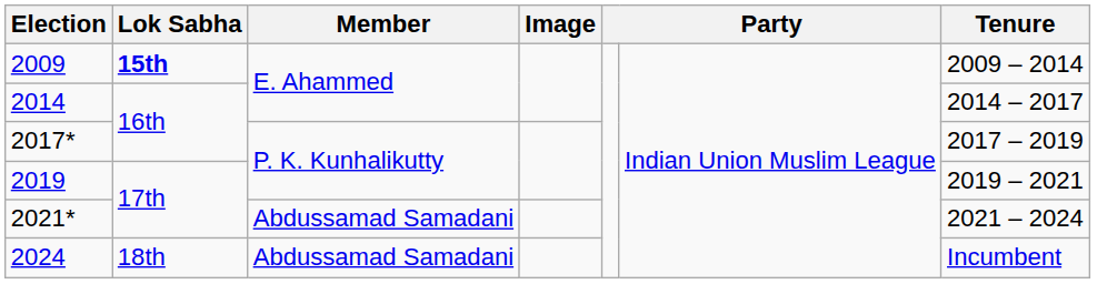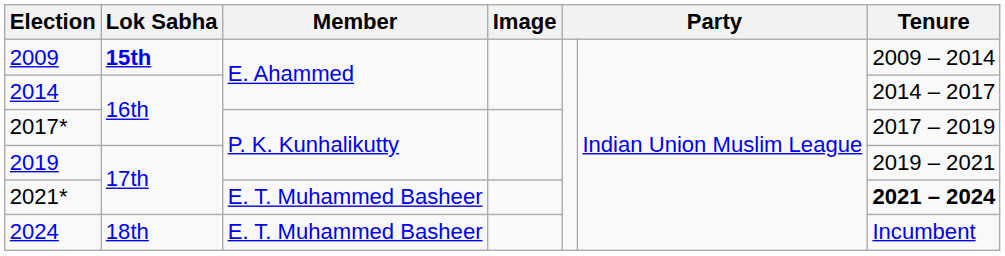 <table class="wikitable sortable">
 <tr>
 <th>Election</th>
 <th>Lok Sabha</th>
 <th>Member</th>
 <th>Image</th>
 <th colspan="2">Party</th>
 <th>Tenure</th>
 </tr>
 <tr>
 <td><a href='#'>2009</a></td>
 <td><strong><a href='#'>15th</a></strong></td>
 <td rowspan="2"><a href='#'>E. Ahammed</a></td>
 <td rowspan=2></td>
 <td rowspan="6" width="4px" style="background-color: "></td>
 <td rowspan="6"><a href='#'>Indian Union Muslim League</a></td>
 <td>2009 – 2014</td>
 </tr>
 <tr>
 <td><a href='#'>2014</a></td>
 <td rowspan="2"><a href='#'>16th</a></td>
 <td>2014 – 2017</td>
 </tr>
 <tr>
 <td>2017*</td>
 <td rowspan="2"><a href='#'>P. K. Kunhalikutty</a></td>
 <td rowspan=2></td>
 <td>2017 – 2019</td>
 </tr>
 <tr>
 <td><a href='#'>2019</a></td>
 <td rowspan="2"><a href='#'>17th</a></td>
 <td>2019 – 2021</td>
 </tr>
 <tr>
 <td>2021*</td>
-<td><a href='#'>Abdussamad Samadani</a></td>
+<td><a href='#'>E. T. Muhammed Basheer</a></td>
 <td></td>
-<td>2021 – 2024</td>
+<td><strong>2021 – 2024</strong></td>
 </tr>
 <tr>
 <td><a href='#'>2024</a></td>
 <td><a href='#'>18th</a></td>
-<td><a href='#'>Abdussamad Samadani</a></td>
+<td><a href='#'>E. T. Muhammed Basheer</a></td>
 <td></td>
 <td><a href='#'>Incumbent</a></td>
 </tr>
 </table>
